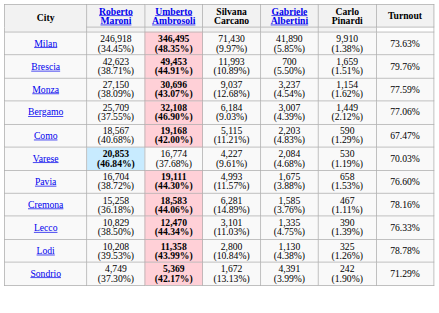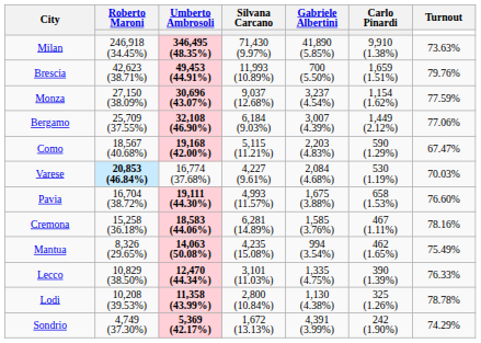 <table class="wikitable" style="text-align:center;font-size:85%;line-height:13px">
 <tr style="height:30px; background-color:#E9E9E9">
 <th style="width:110px;" rowspan="2">City</th>
 <th style="width:75px;"><a href='#'>Roberto Maroni</a></th>
 <th style="width:75px;"><a href='#'>Umberto Ambrosoli</a></th>
 <th style="width:75px;">Silvana Carcano</th>
 <th style="width:75px;"><a href='#'>Gabriele Albertini</a></th>
 <th style="width:75px;">Carlo <br>Pinardi</th>
 <th style="width:75px;">Turnout</th>
 </tr>
 <tr>
 <th style="background:"></th>
 <th style="background:"></th>
 <th style="background:"></th>
 <th style="background:"></th>
 <th style="background:"></th>
 <th style="background:white;"></th>
 </tr>
 <tr>
 <td><a href='#'>Milan</a></td>
 <td>246,918 (34.45%)</td>
 <td style="background:#FFD0D7"><strong>346,495 (48.35%)</strong></td>
 <td>71,430 (9.97%)</td>
 <td>41,890 (5.85%)</td>
 <td>9,910 <br>(1.38%)</td>
 <td>73.63%</td>
 </tr>
 <tr>
 <td><a href='#'>Brescia</a></td>
 <td>42,623 (38.71%)</td>
 <td style="background:#FFD0D7"><strong>49,453 (44.91%)</strong></td>
 <td>11,993 (10.89%)</td>
 <td>700 <br>(5.50%)</td>
 <td>1,659 <br>(1.51%)</td>
 <td>79.76%</td>
 </tr>
 <tr>
 <td><a href='#'>Monza</a></td>
 <td>27,150 (38.09%)</td>
 <td style="background:#FFD0D7"><strong>30,696 (43.07%)</strong></td>
 <td>9,037 <br>(12.68%)</td>
 <td>3,237 <br>(4.54%)</td>
 <td>1,154 <br>(1.62%)</td>
 <td>77.59%</td>
 </tr>
 <tr>
 <td><a href='#'>Bergamo</a></td>
 <td>25,709 (37.55%)</td>
 <td style="background:#FFD0D7"><strong>32,108 (46.90%)</strong></td>
 <td>6,184 <br>(9.03%)</td>
 <td>3,007 <br>(4.39%)</td>
 <td>1,449 <br>(2.12%)</td>
 <td>77.06%</td>
 </tr>
 <tr>
 <td><a href='#'>Como</a></td>
 <td>18,567 (40.68%)</td>
 <td style="background:#FFD0D7"><strong>19,168 (42.00%)</strong></td>
 <td>5,115 <br>(11.21%)</td>
 <td>2,203 <br>(4.83%)</td>
 <td>590 <br>(1.29%)</td>
 <td>67.47%</td>
 </tr>
 <tr>
 <td><a href='#'>Varese</a></td>
 <td style="background:#C8EBFF"><strong>20,853 (46.84%)</strong></td>
 <td>16,774 (37.68%)</td>
 <td>4,227 <br>(9.61%)</td>
 <td>2,084 <br>(4.68%)</td>
 <td>530 <br>(1.19%)</td>
 <td>70.03%</td>
 </tr>
 <tr>
 <td><a href='#'>Pavia</a></td>
 <td>16,704 (38.72%)</td>
 <td style="background:#FFD0D7"><strong>19,111 (44.30%)</strong></td>
 <td>4,993 <br>(11.57%)</td>
 <td>1,675 <br>(3.88%)</td>
 <td>658 <br>(1.53%)</td>
 <td>76.60%</td>
 </tr>
 <tr>
 <td><a href='#'>Cremona</a></td>
 <td>15,258 (36.18%)</td>
 <td style="background:#FFD0D7"><strong>18,583 (44.06%)</strong></td>
 <td>6,281 <br>(14.89%)</td>
 <td>1,585 <br>(3.76%)</td>
 <td>467 <br>(1.11%)</td>
 <td>78.16%</td>
 </tr>
 <tr>
+<td><a href='#'>Mantua</a></td>
+<td>8,326 <br>(29.65%)</td>
+<td style="background:#FFD0D7"><strong>14,063 (50.08%)</strong></td>
+<td>4,235 <br>(15.08%)</td>
+<td>994 <br>(3.54%)</td>
+<td>462 <br>(1.65%)</td>
+<td>75.49%</td>
+</tr>
+<tr>
 <td><a href='#'>Lecco</a></td>
 <td>10,829 (38.50%)</td>
 <td style="background:#FFD0D7"><strong>12,470 (44.34%)</strong></td>
 <td>3,101 <br>(11.03%)</td>
 <td>1,335 <br>(4.75%)</td>
 <td>390 <br>(1.39%)</td>
 <td>76.33%</td>
 </tr>
 <tr>
 <td><a href='#'>Lodi</a></td>
 <td>10,208 (39.53%)</td>
 <td style="background:#FFD0D7"><strong>11,358 (43.99%)</strong></td>
 <td>2,800 <br>(10.84%)</td>
 <td>1,130 <br>(4.38%)</td>
 <td>325 <br>(1.26%)</td>
 <td>78.78%</td>
 </tr>
 <tr>
 <td><a href='#'>Sondrio</a></td>
 <td>4,749 <br>(37.30%)</td>
 <td style="background:#FFD0D7"><strong>5,369 (42.17%)</strong></td>
 <td>1,672 <br>(13.13%)</td>
 <td>4,391 <br>(3.99%)</td>
 <td>242 <br>(1.90%)</td>
-<td>71.29%</td>
+<td>74.29%</td>
 </tr>
 </table>
